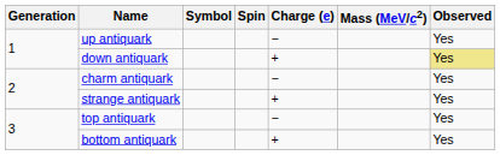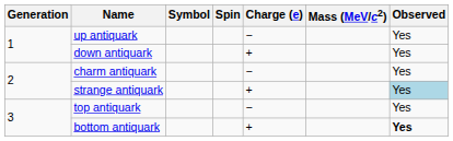 <table class="wikitable">
 <tr>
 <th>Generation</th>
 <th>Name</th>
 <th>Symbol</th>
 <th>Spin</th>
 <th>Charge (<a href='#'>e</a>)</th>
 <th>Mass (<a href='#'>MeV</a>/<a href='#'><em>c</em></a><sup>2</sup>) </th>
 <th>Observed</th>
 </tr>
 <tr>
 <td rowspan="2">1</td>
 <td><a href='#'>up antiquark</a></td>
 <td></td>
 <td></td>
 <td>−</td>
 <td></td>
 <td>Yes</td>
 </tr>
 <tr>
 <td><a href='#'>down antiquark</a></td>
 <td></td>
 <td></td>
 <td>+</td>
 <td></td>
-<td style="background: khaki;">Yes</td>
+<td>Yes</td>
 </tr>
 <tr>
 <td rowspan="2">2</td>
 <td><a href='#'>charm antiquark</a></td>
 <td></td>
 <td></td>
 <td>−</td>
 <td></td>
 <td>Yes</td>
 </tr>
 <tr>
 <td><a href='#'>strange antiquark</a></td>
 <td></td>
 <td></td>
 <td>+</td>
 <td></td>
-<td>Yes</td>
+<td style="background: lightblue;">Yes</td>
 </tr>
 <tr>
 <td rowspan="2">3</td>
 <td><a href='#'>top antiquark</a></td>
 <td></td>
 <td></td>
 <td>−</td>
 <td></td>
 <td>Yes</td>
 </tr>
 <tr>
 <td><a href='#'>bottom antiquark</a></td>
 <td></td>
 <td></td>
 <td>+</td>
 <td></td>
-<td>Yes</td>
+<td><strong>Yes</strong></td>
 </tr>
 </table>
